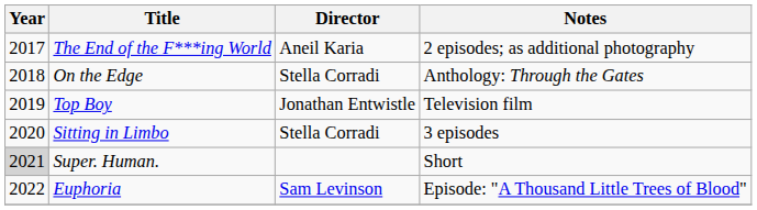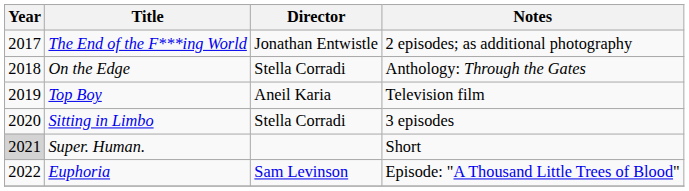 <table class="wikitable">
 <tr>
 <th>Year</th>
 <th>Title</th>
 <th>Director</th>
 <th>Notes</th>
 </tr>
 <tr>
 <td>2017</td>
 <td><em><a href='#'>The End of the F***ing World</a></em></td>
-<td>Aneil Karia</td>
+<td>Jonathan Entwistle</td>
 <td>2 episodes; as additional photography</td>
 </tr>
 <tr>
 <td>2018</td>
 <td><em>On the Edge</em></td>
 <td>Stella Corradi</td>
 <td>Anthology: <em>Through the Gates</em></td>
 </tr>
 <tr>
 <td>2019</td>
 <td><em><a href='#'>Top Boy</a></em></td>
-<td>Jonathan Entwistle</td>
+<td>Aneil Karia</td>
 <td>Television film</td>
 </tr>
 <tr>
 <td>2020</td>
 <td><em><a href='#'>Sitting in Limbo</a></em></td>
 <td>Stella Corradi</td>
 <td>3 episodes</td>
 </tr>
 <tr>
 <td style="background: lightgrey;">2021</td>
 <td><em>Super. Human.</em></td>
 <td></td>
 <td>Short</td>
 </tr>
 <tr>
 <td>2022</td>
 <td><em><a href='#'>Euphoria</a></em></td>
 <td><a href='#'>Sam Levinson</a></td>
 <td>Episode: "<a href='#'>A Thousand Little Trees of Blood</a>"</td>
 </tr>
 <tr>
 </tr>
 </table>
